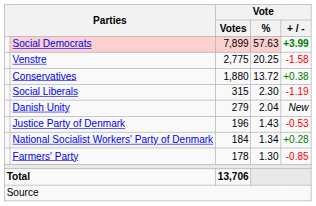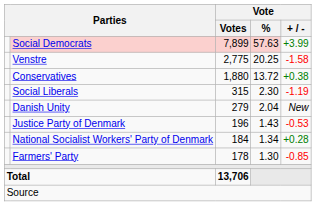 <table class="wikitable" style="text-align:right;">
 <tr>
 <th style="text-align:centre;" rowspan="2" colspan="2" width="225">Parties</th>
 <th colspan="3">Vote</th>
 </tr>
 <tr>
 <th width="15">Votes</th>
 <th width="15">%</th>
 <th width="15">+ / -</th>
 </tr>
 <tr>
 <td width="2" style="color:inherit;background:"></td>
 <td bgcolor=#fbd0ce  align="left"><a href='#'>Social Democrats</a></td>
 <td bgcolor=#fbd0ce>7,899</td>
 <td bgcolor=#fbd0ce>57.63</td>
-<td style=color:green;><strong>+3.99</strong></td>
+<td style=color:green;>+3.99</td>
 </tr>
 <tr>
 <td width="2" style="color:inherit;background:"></td>
 <td align="left"><a href='#'>Venstre</a></td>
 <td>2,775</td>
 <td>20.25</td>
 <td style=color:red;>-1.58</td>
 </tr>
 <tr>
 <td width="2" style="color:inherit;background:"></td>
 <td align="left"><a href='#'>Conservatives</a></td>
 <td>1,880</td>
 <td>13.72</td>
 <td style=color:green;>+0.38</td>
 </tr>
 <tr>
 <td width="2" style="color:inherit;background:"></td>
 <td align="left"><a href='#'>Social Liberals</a></td>
 <td>315</td>
 <td>2.30</td>
 <td style=color:red;>-1.19</td>
 </tr>
 <tr>
 <td width="2" style="color:inherit;background:"></td>
 <td align="left"><a href='#'>Danish Unity</a></td>
 <td>279</td>
 <td>2.04</td>
 <td><em>New</em></td>
 </tr>
 <tr>
 <td width="2" style="color:inherit;background:"></td>
 <td align="left"><a href='#'>Justice Party of Denmark</a></td>
 <td>196</td>
 <td>1.43</td>
 <td style=color:red;>-0.53</td>
 </tr>
 <tr>
 <td width="2" style="color:inherit;background:"></td>
 <td align="left"><a href='#'>National Socialist Workers' Party of Denmark</a></td>
 <td>184</td>
 <td>1.34</td>
 <td style=color:green;>+0.28</td>
 </tr>
 <tr>
 <td width="2" style="color:inherit;background:"></td>
 <td align="left"><a href='#'>Farmers' Party</a></td>
 <td>178</td>
 <td>1.30</td>
 <td style=color:red;>-0.85</td>
 </tr>
 <tr>
 <td colspan="7" bgcolor="#E9E9E9"></td>
 </tr>
 <tr>
 <td align="left" colspan="2"><strong>Total</strong></td>
 <td><strong>13,706</strong></td>
 <td bgcolor="#E9E9E9" colspan="2"></td>
 </tr>
 <tr>
 <td align="left" colspan="6">Source</td>
 </tr>
 </table>
